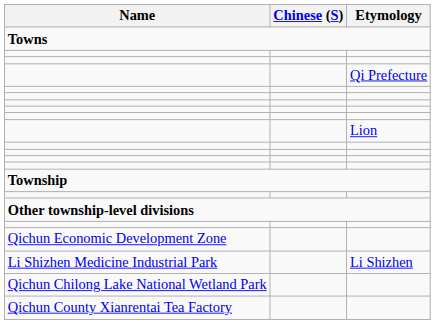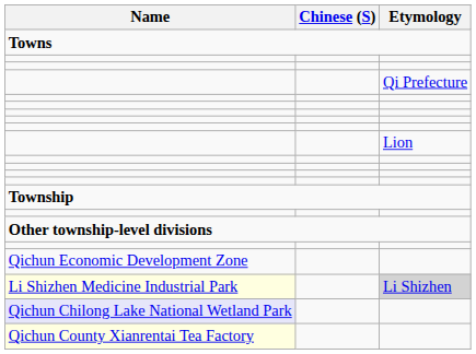 <table class="wikitable sortable">
 <tr>
 <th>Name</th>
 <th><a href='#'>Chinese</a> (<a href='#'>S</a>)</th>
 <th>Etymology</th>
 </tr>
 <tr>
 <td colspan="6"><strong>Towns</strong></td>
 </tr>
 <tr>
 <td></td>
 <td></td>
 <td></td>
 </tr>
 <tr>
 <td></td>
 <td></td>
 <td></td>
 </tr>
 <tr>
 <td></td>
 <td></td>
 <td><a href='#'>Qi Prefecture</a></td>
 </tr>
 <tr>
 <td></td>
 <td></td>
 <td></td>
 </tr>
 <tr>
 <td></td>
 <td></td>
 <td></td>
 </tr>
 <tr>
 <td></td>
 <td></td>
 <td></td>
 </tr>
 <tr>
 <td></td>
 <td></td>
 <td></td>
 </tr>
 <tr>
 <td></td>
 <td></td>
 <td></td>
 </tr>
 <tr>
 <td></td>
 <td></td>
 <td><a href='#'>Lion</a></td>
 </tr>
 <tr>
 <td></td>
 <td></td>
 <td></td>
 </tr>
 <tr>
 <td></td>
 <td></td>
 <td></td>
 </tr>
 <tr>
 <td></td>
 <td></td>
 <td></td>
 </tr>
 <tr>
 <td></td>
 <td></td>
 <td></td>
 </tr>
 <tr>
 <td colspan="6"><strong>Township</strong></td>
 </tr>
 <tr>
 <td></td>
 <td></td>
 <td></td>
 </tr>
 <tr>
 <td colspan="6"><strong>Other township-level divisions</strong></td>
 </tr>
 <tr>
 <td></td>
 <td></td>
 <td></td>
 </tr>
 <tr>
 <td><a href='#'>Qichun Economic Development Zone</a></td>
 <td></td>
 <td></td>
 </tr>
 <tr>
-<td><a href='#'>Li Shizhen Medicine Industrial Park</a></td>
+<td style="background: lightyellow;"><a href='#'>Li Shizhen Medicine Industrial Park</a></td>
 <td></td>
-<td><a href='#'>Li Shizhen</a></td>
+<td style="background: lightgrey;"><a href='#'>Li Shizhen</a></td>
 </tr>
 <tr>
-<td><a href='#'>Qichun Chilong Lake National Wetland Park</a></td>
+<td style="background: lavender;"><a href='#'>Qichun Chilong Lake National Wetland Park</a></td>
 <td></td>
 <td></td>
 </tr>
 <tr>
-<td><a href='#'>Qichun County Xianrentai Tea Factory</a></td>
+<td style="background: lightyellow;"><a href='#'>Qichun County Xianrentai Tea Factory</a></td>
 <td></td>
 <td></td>
 </tr>
 </table>
